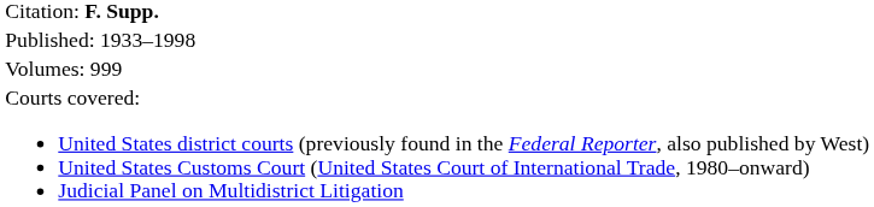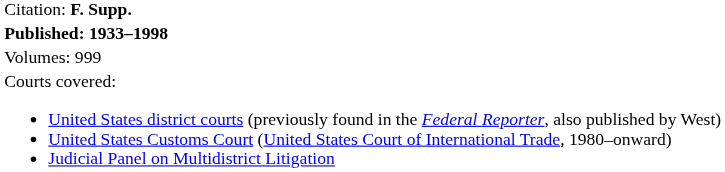 <table border=0>
 <tr>
 <td>Citation: <strong>F. Supp.</strong></td>
 </tr>
 <tr>
-<td>Published: 1933–1998</td>
+<td><strong>Published: 1933–1998</strong></td>
 </tr>
 <tr>
 <td>Volumes: 999</td>
 </tr>
 <tr>
 <td>Courts covered:<br><ul><li><a href='#'>United States district courts</a> (previously found in the <em><a href='#'>Federal Reporter</a></em>, also published by West)</li><li><a href='#'>United States Customs Court</a> (<a href='#'>United States Court of International Trade</a>, 1980–onward)</li><li><a href='#'>Judicial Panel on Multidistrict Litigation</a></li></ul></td>
 </tr>
 </table>
